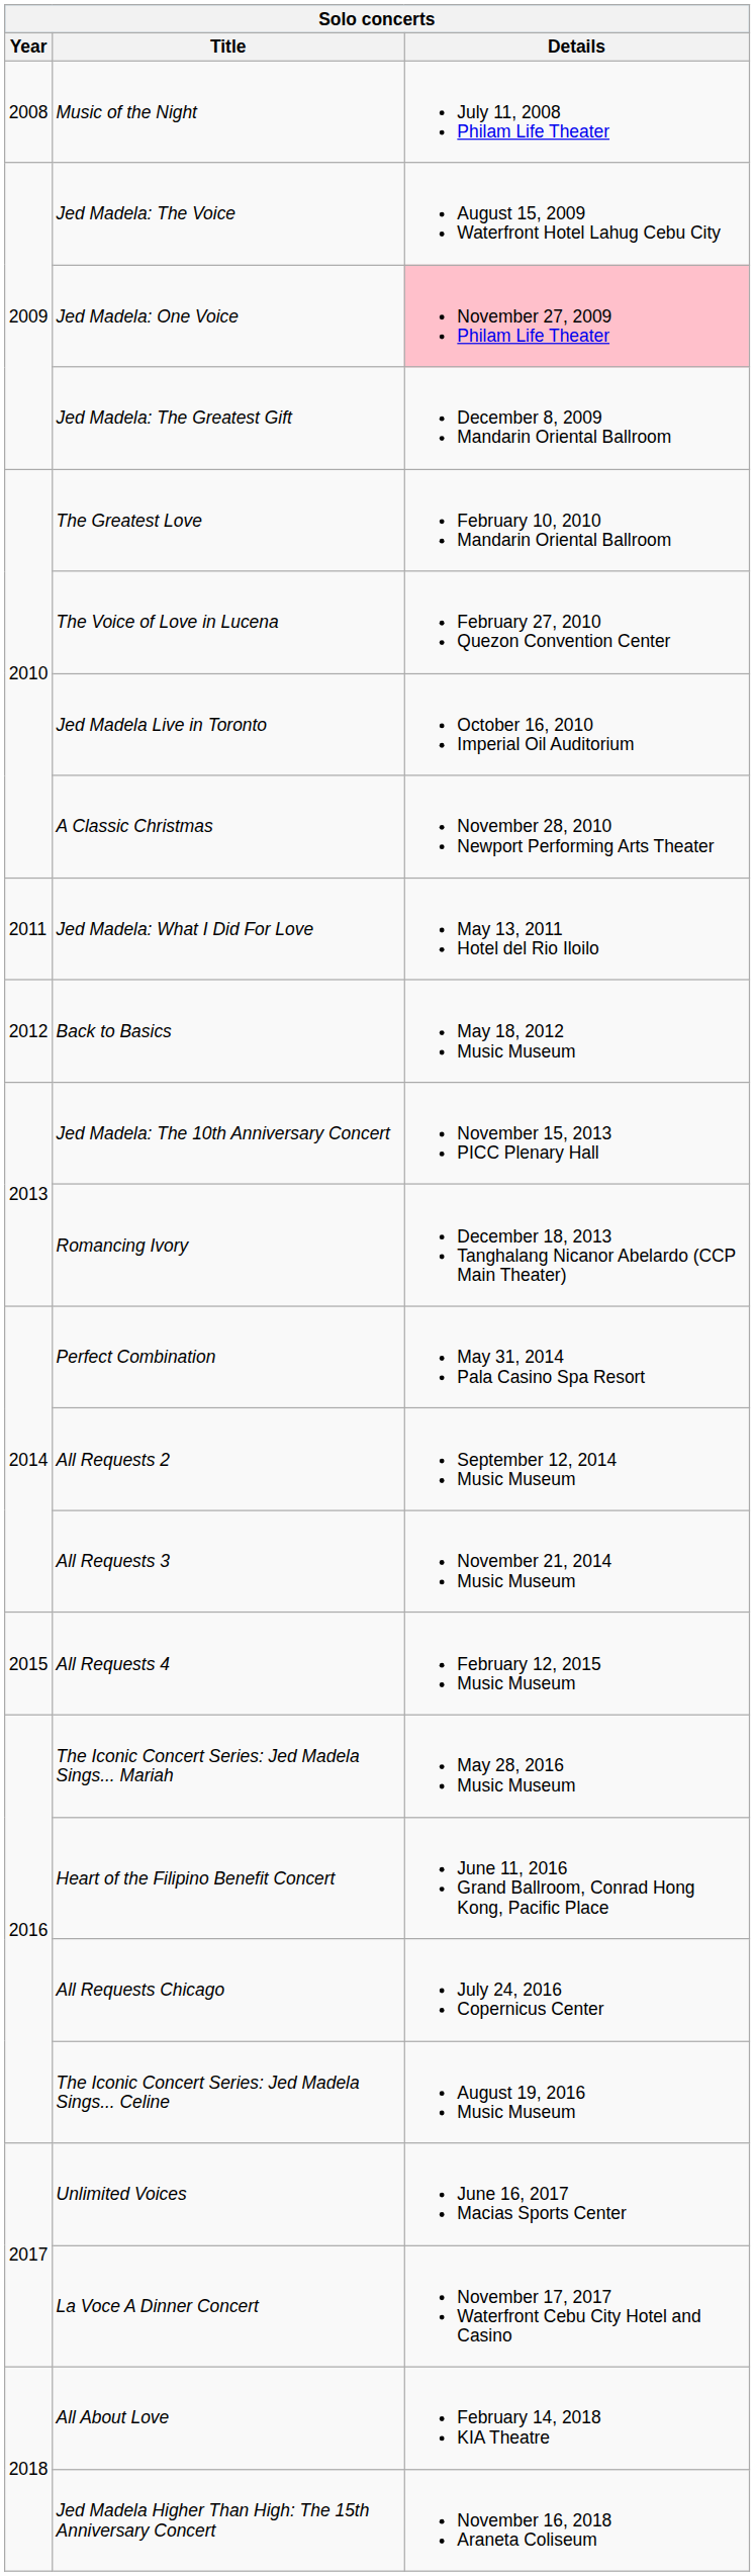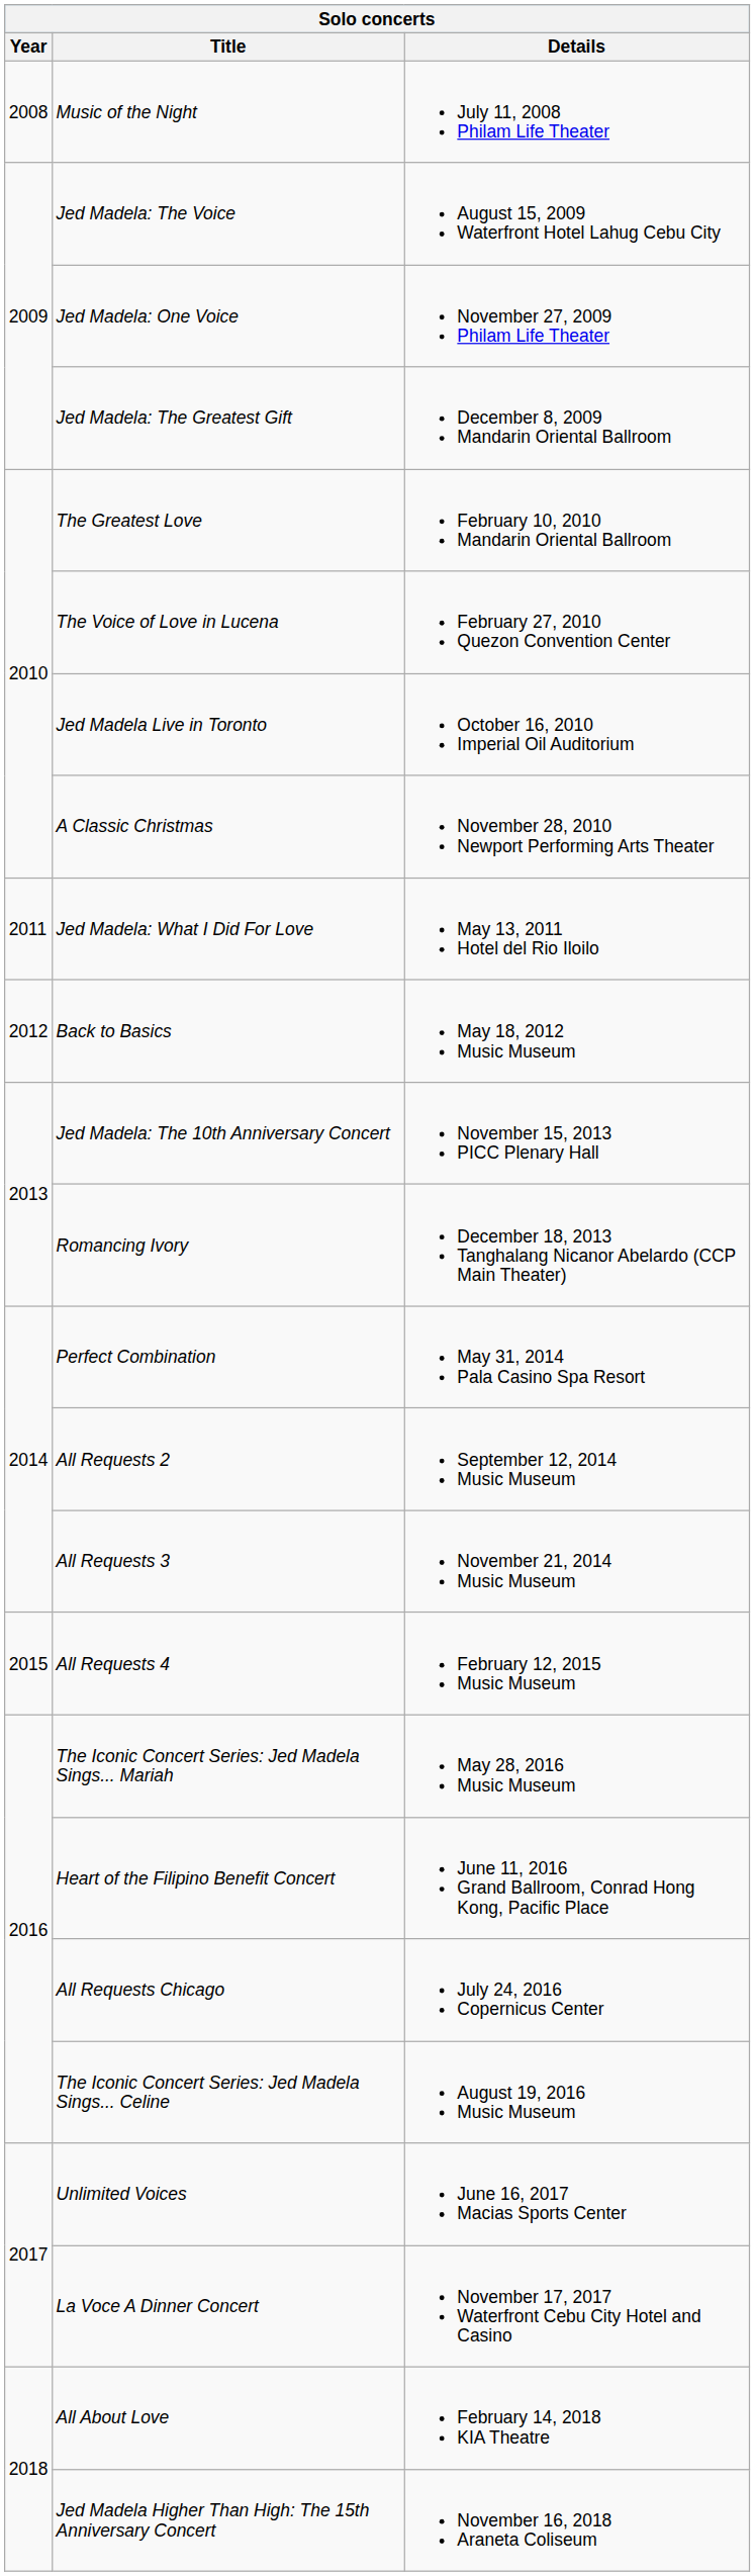 <table class="wikitable sortable" style="font-size:90%;">
 <tr style="background:#75b2dd; text-align:center;">
 <th colspan="3">Solo concerts</th>
 </tr>
 <tr>
 <th>Year</th>
 <th>Title</th>
 <th>Details</th>
 </tr>
 <tr>
 <td>2008</td>
 <td><em>Music of the Night</em></td>
 <td><br><ul><li>July 11, 2008</li><li><a href='#'>Philam Life Theater</a></li></ul></td>
 </tr>
 <tr>
 <td rowspan="3">2009</td>
 <td><em>Jed Madela: The Voice</em></td>
 <td><br><ul><li>August 15, 2009</li><li>Waterfront Hotel Lahug Cebu City</li></ul></td>
 </tr>
 <tr>
 <td><em>Jed Madela: One Voice</em></td>
-<td style="background: pink;"><br><ul><li>November 27, 2009</li><li><a href='#'>Philam Life Theater</a></li></ul></td>
+<td><br><ul><li>November 27, 2009</li><li><a href='#'>Philam Life Theater</a></li></ul></td>
 </tr>
 <tr>
 <td><em>Jed Madela: The Greatest Gift</em></td>
 <td><br><ul><li>December 8, 2009</li><li>Mandarin Oriental Ballroom</li></ul></td>
 </tr>
 <tr>
 <td rowspan="4">2010</td>
 <td><em>The Greatest Love</em></td>
 <td><br><ul><li>February 10, 2010</li><li>Mandarin Oriental Ballroom</li></ul></td>
 </tr>
 <tr>
 <td><em>The Voice of Love in Lucena</em></td>
 <td><br><ul><li>February 27, 2010</li><li>Quezon Convention Center</li></ul></td>
 </tr>
 <tr>
 <td><em>Jed Madela Live in Toronto</em></td>
 <td><br><ul><li>October 16, 2010</li><li>Imperial Oil Auditorium</li></ul></td>
 </tr>
 <tr>
 <td><em>A Classic Christmas</em></td>
 <td><br><ul><li>November 28, 2010</li><li>Newport Performing Arts Theater</li></ul></td>
 </tr>
 <tr>
 <td>2011</td>
 <td><em>Jed Madela: What I Did For Love</em></td>
 <td><br><ul><li>May 13, 2011</li><li>Hotel del Rio Iloilo</li></ul></td>
 </tr>
 <tr>
 <td>2012</td>
 <td><em>Back to Basics</em></td>
 <td><br><ul><li>May 18, 2012</li><li>Music Museum</li></ul></td>
 </tr>
 <tr>
 <td rowspan="2">2013</td>
 <td><em>Jed Madela: The 10th Anniversary Concert</em></td>
 <td><br><ul><li>November 15, 2013</li><li>PICC Plenary Hall</li></ul></td>
 </tr>
 <tr>
 <td><em>Romancing Ivory</em></td>
 <td><br><ul><li>December 18, 2013</li><li>Tanghalang Nicanor Abelardo (CCP Main Theater)</li></ul></td>
 </tr>
 <tr>
 <td rowspan="3">2014</td>
 <td><em>Perfect Combination</em></td>
 <td><br><ul><li>May 31, 2014</li><li>Pala Casino Spa Resort</li></ul></td>
 </tr>
 <tr>
 <td><em>All Requests 2</em></td>
 <td><br><ul><li>September 12, 2014</li><li>Music Museum</li></ul></td>
 </tr>
 <tr>
 <td><em>All Requests 3</em></td>
 <td><br><ul><li>November 21, 2014</li><li>Music Museum</li></ul></td>
 </tr>
 <tr>
 <td>2015</td>
 <td><em>All Requests 4</em></td>
 <td><br><ul><li>February 12, 2015</li><li>Music Museum</li></ul></td>
 </tr>
 <tr>
 <td rowspan="4">2016</td>
 <td><em>The Iconic Concert Series: Jed Madela Sings... Mariah</em></td>
 <td><br><ul><li>May 28, 2016</li><li>Music Museum</li></ul></td>
 </tr>
 <tr>
 <td><em>Heart of the Filipino Benefit Concert</em></td>
 <td><br><ul><li>June 11, 2016</li><li>Grand Ballroom, Conrad Hong Kong, Pacific Place</li></ul></td>
 </tr>
 <tr>
 <td><em>All Requests Chicago</em></td>
 <td><br><ul><li>July 24, 2016</li><li>Copernicus Center</li></ul></td>
 </tr>
 <tr>
 <td><em>The Iconic Concert Series: Jed Madela Sings... Celine</em></td>
 <td><br><ul><li>August 19, 2016</li><li>Music Museum</li></ul></td>
 </tr>
 <tr>
 <td rowspan="2">2017</td>
 <td><em>Unlimited Voices</em></td>
 <td><br><ul><li>June 16, 2017</li><li>Macias Sports Center</li></ul></td>
 </tr>
 <tr>
 <td><em>La Voce A Dinner Concert</em></td>
 <td><br><ul><li>November 17, 2017</li><li>Waterfront Cebu City Hotel and Casino</li></ul></td>
 </tr>
 <tr>
 <td rowspan="2">2018</td>
 <td><em>All About Love</em></td>
 <td><br><ul><li>February 14, 2018</li><li>KIA Theatre</li></ul></td>
 </tr>
 <tr>
 <td><em>Jed Madela Higher Than High: The 15th Anniversary Concert</em></td>
 <td><br><ul><li>November 16, 2018</li><li>Araneta Coliseum</li></ul></td>
 </tr>
 </table>
